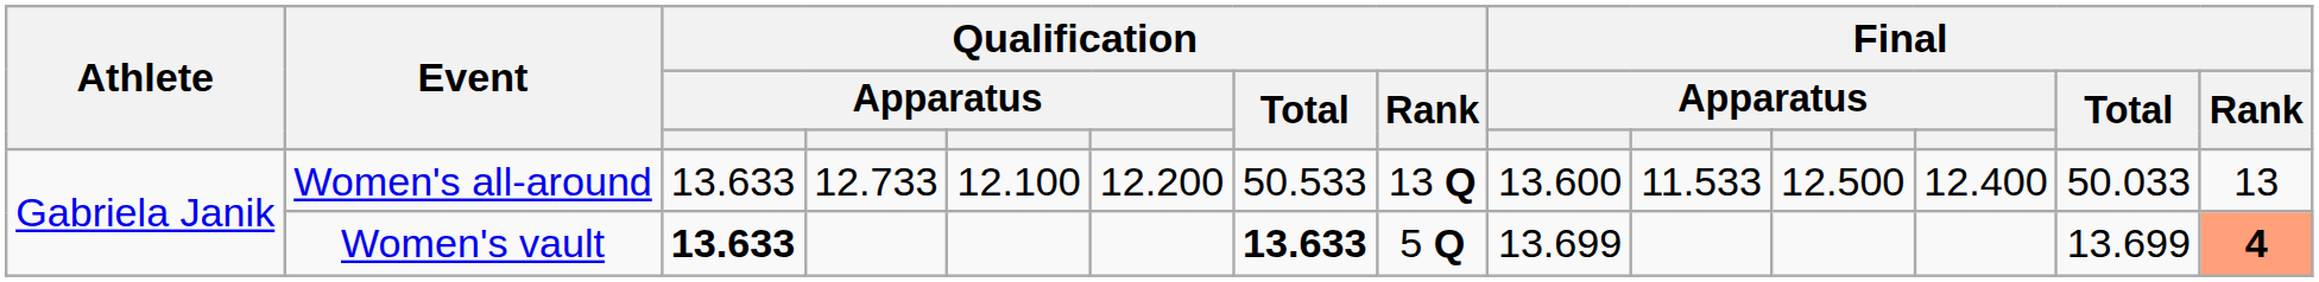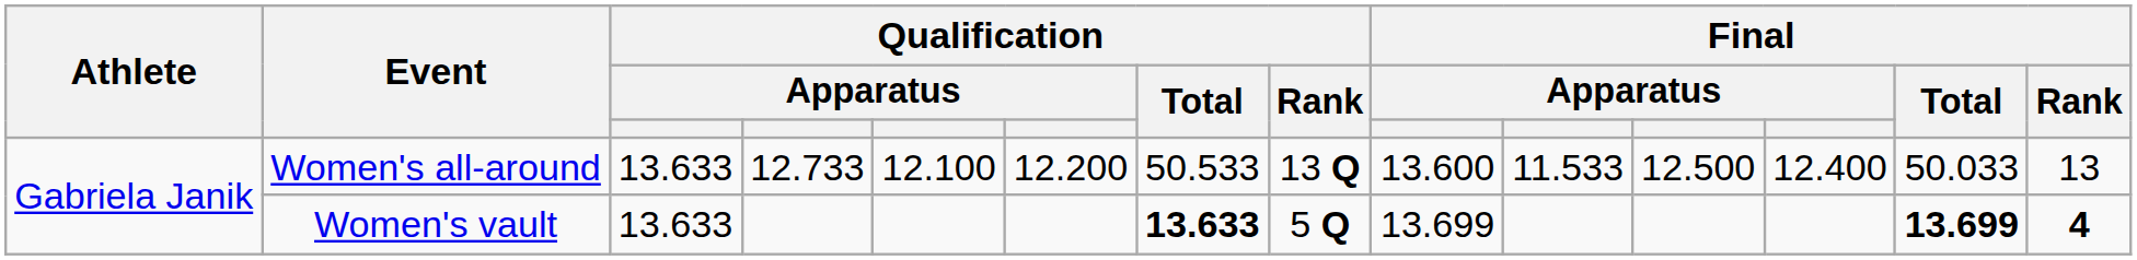 <table class="wikitable" style="font-size:90%">
 <tr>
 <th rowspan=3>Athlete</th>
 <th rowspan=3>Event</th>
 <th colspan=6>Qualification</th>
 <th colspan=6>Final</th>
 </tr>
 <tr style="font-size:95%">
 <th colspan=4>Apparatus</th>
 <th rowspan=2>Total</th>
 <th rowspan=2>Rank</th>
 <th colspan=4>Apparatus</th>
 <th rowspan=2>Total</th>
 <th rowspan=2>Rank</th>
 </tr>
 <tr style="font-size:95%">
 <th></th>
 <th></th>
 <th></th>
 <th></th>
 <th></th>
 <th></th>
 <th></th>
 <th></th>
 </tr>
 <tr align=center>
 <td align=left rowspan=2><a href='#'>Gabriela Janik</a></td>
 <td><a href='#'>Women's all-around</a></td>
 <td>13.633</td>
 <td>12.733</td>
 <td>12.100</td>
 <td>12.200</td>
 <td>50.533</td>
 <td>13 <strong>Q</strong></td>
 <td>13.600</td>
 <td>11.533</td>
 <td>12.500</td>
 <td>12.400</td>
 <td>50.033</td>
 <td>13</td>
 </tr>
 <tr align=center>
 <td><a href='#'>Women's vault</a></td>
-<td><strong>13.633</strong></td>
+<td>13.633</td>
 <td></td>
 <td></td>
 <td></td>
 <td><strong>13.633</strong></td>
 <td>5 <strong>Q</strong></td>
 <td>13.699</td>
 <td></td>
 <td></td>
 <td></td>
-<td>13.699</td>
-<td style="background: lightsalmon;"><strong>4</strong></td>
+<td><strong>13.699</strong></td>
+<td><strong>4</strong></td>
 </tr>
 </table>
